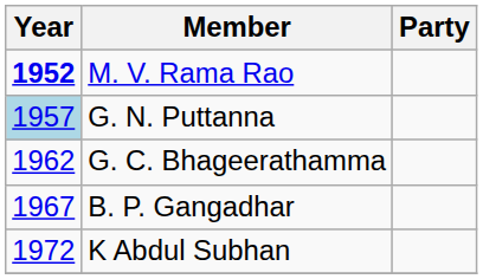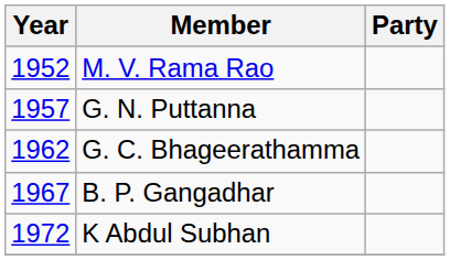 <table class="wikitable sortable">
 <tr>
 <th>Year</th>
 <th>Member</th>
 <th colspan="2">Party</th>
 </tr>
 <tr>
-<td><strong><a href='#'>1952</a></strong></td>
+<td><a href='#'>1952</a></td>
 <td><a href='#'>M. V. Rama Rao</a></td>
 <td></td>
 </tr>
 <tr>
-<td style="background: lightblue;"><a href='#'>1957</a></td>
+<td><a href='#'>1957</a></td>
 <td>G. N. Puttanna</td>
 <td></td>
 </tr>
 <tr>
 <td><a href='#'>1962</a></td>
 <td>G. C. Bhageerathamma</td>
 <td></td>
 </tr>
 <tr>
 <td><a href='#'>1967</a></td>
 <td>B. P. Gangadhar</td>
 <td></td>
 </tr>
 <tr>
 <td><a href='#'>1972</a></td>
 <td>K Abdul Subhan</td>
 <td></td>
 </tr>
 <tr>
 </tr>
 </table>
